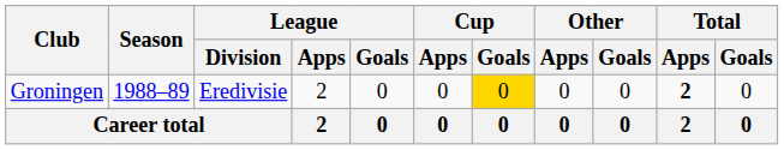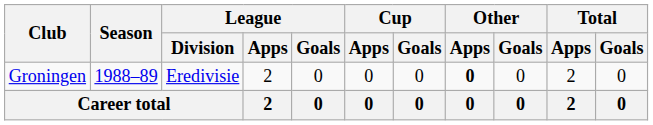 <table class="wikitable" style="text-align: center">
 <tr>
 <th rowspan="2">Club</th>
 <th rowspan="2">Season</th>
 <th colspan="3">League</th>
 <th colspan="2">Cup</th>
 <th colspan="2">Other</th>
 <th colspan="2">Total</th>
 </tr>
 <tr>
 <th>Division</th>
 <th>Apps</th>
 <th>Goals</th>
 <th>Apps</th>
 <th>Goals</th>
 <th>Apps</th>
 <th>Goals</th>
 <th>Apps</th>
 <th>Goals</th>
 </tr>
 <tr>
 <td><a href='#'>Groningen</a></td>
 <td><a href='#'>1988–89</a></td>
 <td><a href='#'>Eredivisie</a></td>
 <td>2</td>
 <td>0</td>
 <td>0</td>
-<td style="background: gold;">0</td>
 <td>0</td>
+<td><strong>0</strong></td>
 <td>0</td>
-<td><strong>2</strong></td>
+<td>2</td>
 <td>0</td>
 </tr>
 <tr>
 <th colspan="3"><strong>Career total</strong></th>
 <th>2</th>
 <th>0</th>
 <th>0</th>
 <th>0</th>
 <th>0</th>
 <th>0</th>
 <th>2</th>
 <th>0</th>
 </tr>
 </table>
